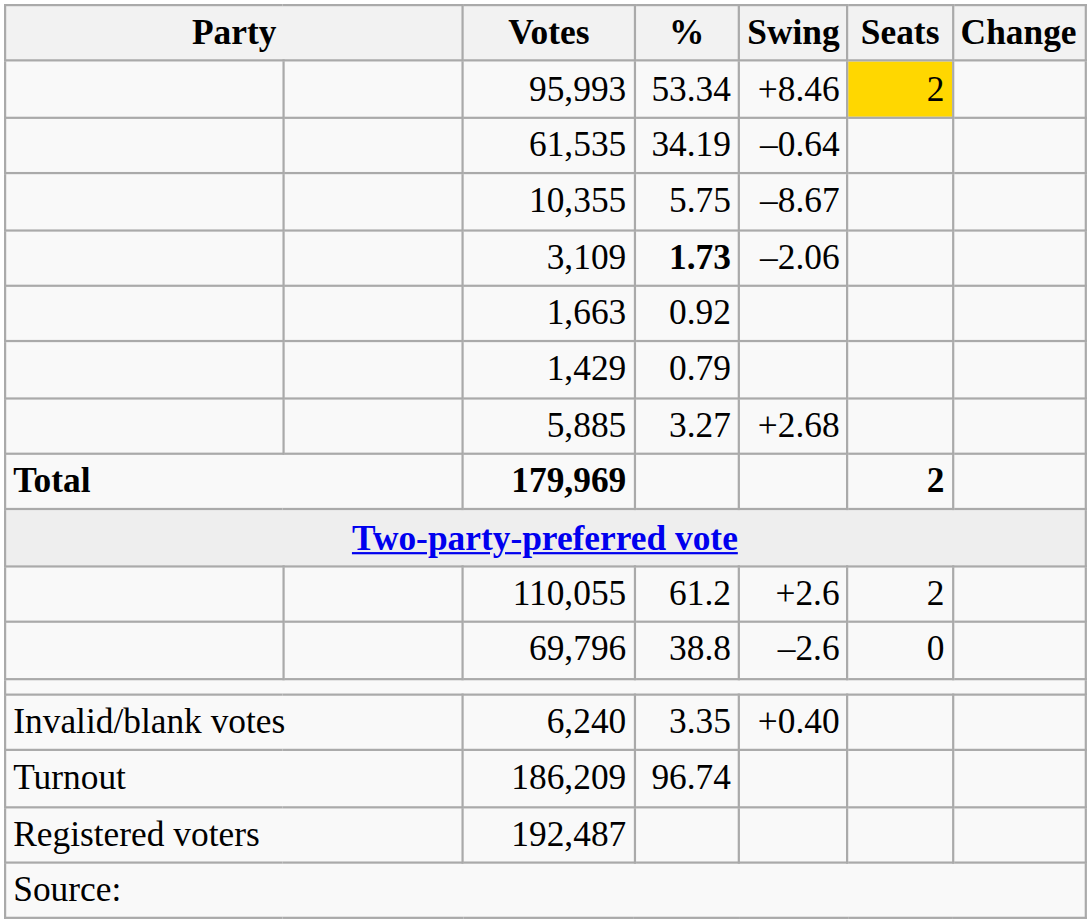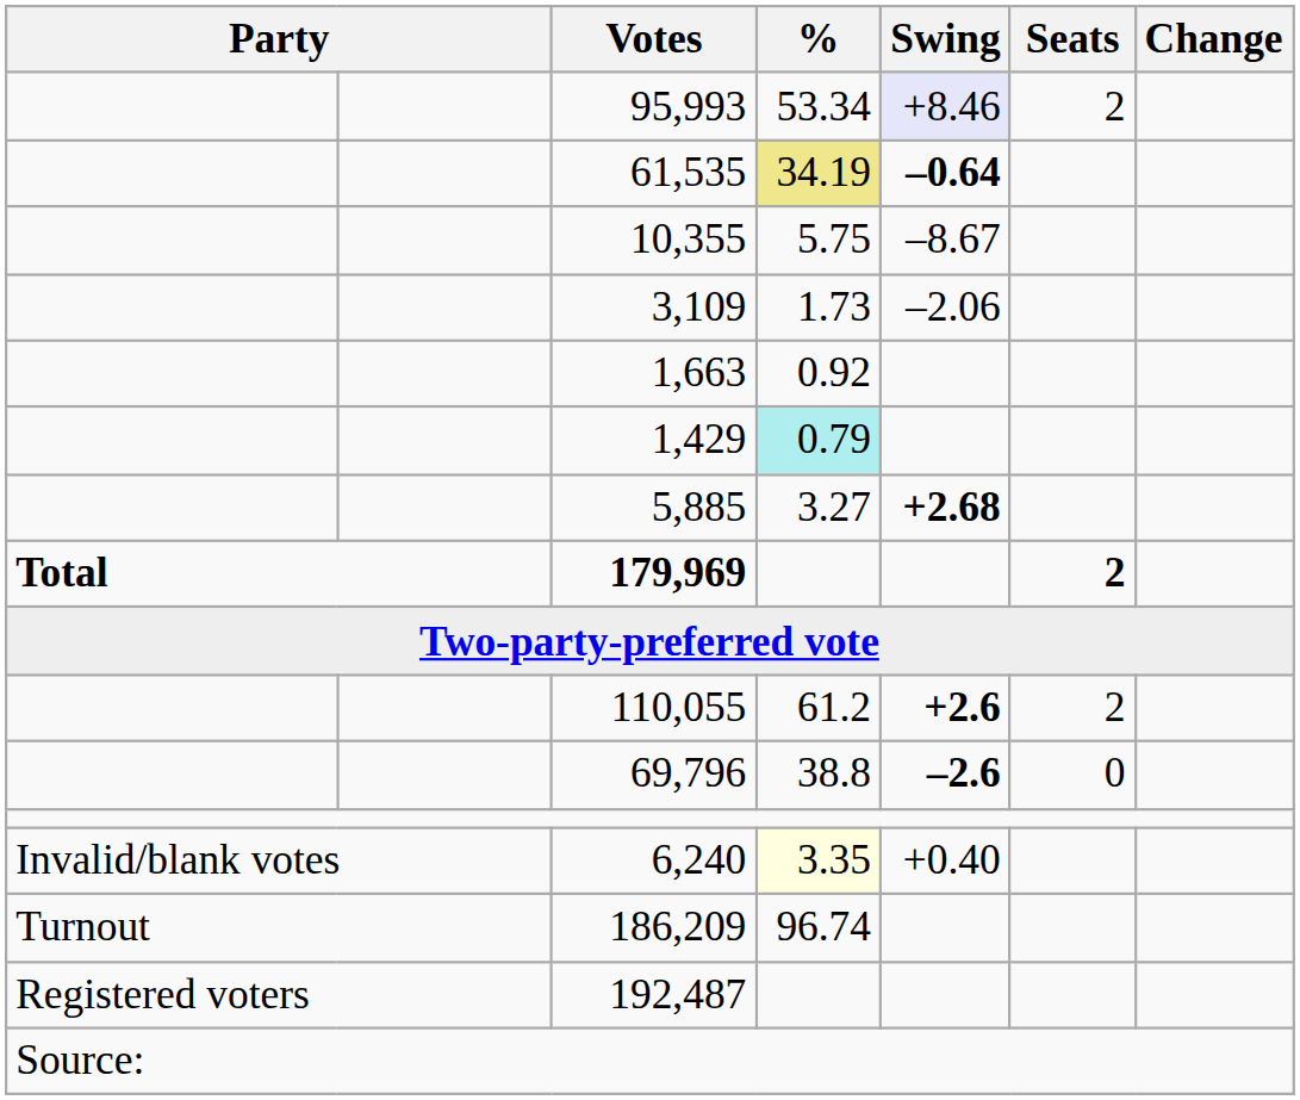 <table class="wikitable">
 <tr>
 <th style="width:200px" colspan=2><strong>Party</strong></th>
 <th style="width:70px; text-align:center;"><strong>Votes</strong></th>
 <th style="width:40px; text-align:center;"><strong>%</strong></th>
 <th style="width:40px; text-align:center;"><strong>Swing</strong></th>
 <th style="width:40px; text-align:center;"><strong>Seats</strong></th>
 <th style="width:40px; text-align:center;"><strong>Change</strong></th>
 </tr>
 <tr>
 <td> </td>
 <td></td>
 <td align=right>95,993</td>
 <td align=right>53.34</td>
-<td align=right>+8.46</td>
-<td align=right style="background: gold;">2</td>
+<td align=right style="background: lavender;">+8.46</td>
+<td align=right>2</td>
 <td align=right></td>
 </tr>
 <tr>
 <td> </td>
 <td></td>
 <td align=right>61,535</td>
-<td align=right>34.19</td>
-<td align=right>–0.64</td>
+<td align=right style="background: khaki;">34.19</td>
+<td align=right><strong>–0.64</strong></td>
 <td align=right></td>
 <td align=right></td>
 </tr>
 <tr>
 <td> </td>
 <td></td>
 <td align=right>10,355</td>
 <td align=right>5.75</td>
 <td align=right>–8.67</td>
 <td align=right></td>
 <td align=right></td>
 </tr>
 <tr>
 <td> </td>
 <td></td>
 <td align=right>3,109</td>
-<td align=right><strong>1.73</strong></td>
+<td align=right>1.73</td>
 <td align=right>–2.06</td>
 <td align=right></td>
 <td align=right></td>
 </tr>
 <tr>
 <td> </td>
 <td></td>
 <td align=right>1,663</td>
 <td align=right>0.92</td>
 <td align=right></td>
 <td align=right></td>
 <td align=right></td>
 </tr>
 <tr>
 <td> </td>
 <td></td>
 <td align=right>1,429</td>
-<td align=right>0.79</td>
+<td align=right style="background: paleturquoise;">0.79</td>
 <td align=right></td>
 <td align=right></td>
 <td align=right></td>
 </tr>
 <tr>
 <td> </td>
 <td></td>
 <td align=right>5,885</td>
 <td align=right>3.27</td>
-<td align=right>+2.68</td>
+<td align=right><strong>+2.68</strong></td>
 <td align=right></td>
 <td align=right></td>
 </tr>
 <tr>
 <td colspan=2 align="left"><strong>Total</strong></td>
 <td align=right><strong>179,969</strong></td>
 <td align=right></td>
 <td align=right></td>
 <td align=right><strong>2</strong></td>
 <td align=right></td>
 </tr>
 <tr>
 <td colspan=7 style="text-align:center; background:#eee;"><strong><a href='#'>Two-party-preferred vote</a></strong></td>
 </tr>
 <tr>
 <td> </td>
 <td></td>
 <td align=right>110,055</td>
 <td align=right>61.2</td>
-<td align=right>+2.6</td>
+<td align=right><strong>+2.6</strong></td>
 <td align=right>2</td>
 <td align=right></td>
 </tr>
 <tr>
 <td> </td>
 <td></td>
 <td align=right>69,796</td>
 <td align=right>38.8</td>
-<td align=right>–2.6</td>
+<td align=right><strong>–2.6</strong></td>
 <td align=right>0</td>
 <td align=right></td>
 </tr>
 <tr>
 <td colspan=7></td>
 </tr>
 <tr>
 <td colspan=2 style="text-align:left;">Invalid/blank votes</td>
 <td align=right>6,240</td>
-<td align=right>3.35</td>
+<td align=right style="background: lightyellow;">3.35</td>
 <td align=right>+0.40</td>
 <td></td>
 <td></td>
 </tr>
 <tr>
 <td colspan=2 style="text-align:left;">Turnout</td>
 <td align=right>186,209</td>
 <td align=right>96.74</td>
 <td></td>
 <td></td>
 <td></td>
 </tr>
 <tr>
 <td colspan=2 style="text-align:left;">Registered voters</td>
 <td align=right>192,487</td>
 <td></td>
 <td></td>
 <td></td>
 <td></td>
 </tr>
 <tr>
 <td colspan="7" align="left">Source: </td>
 </tr>
 </table>
